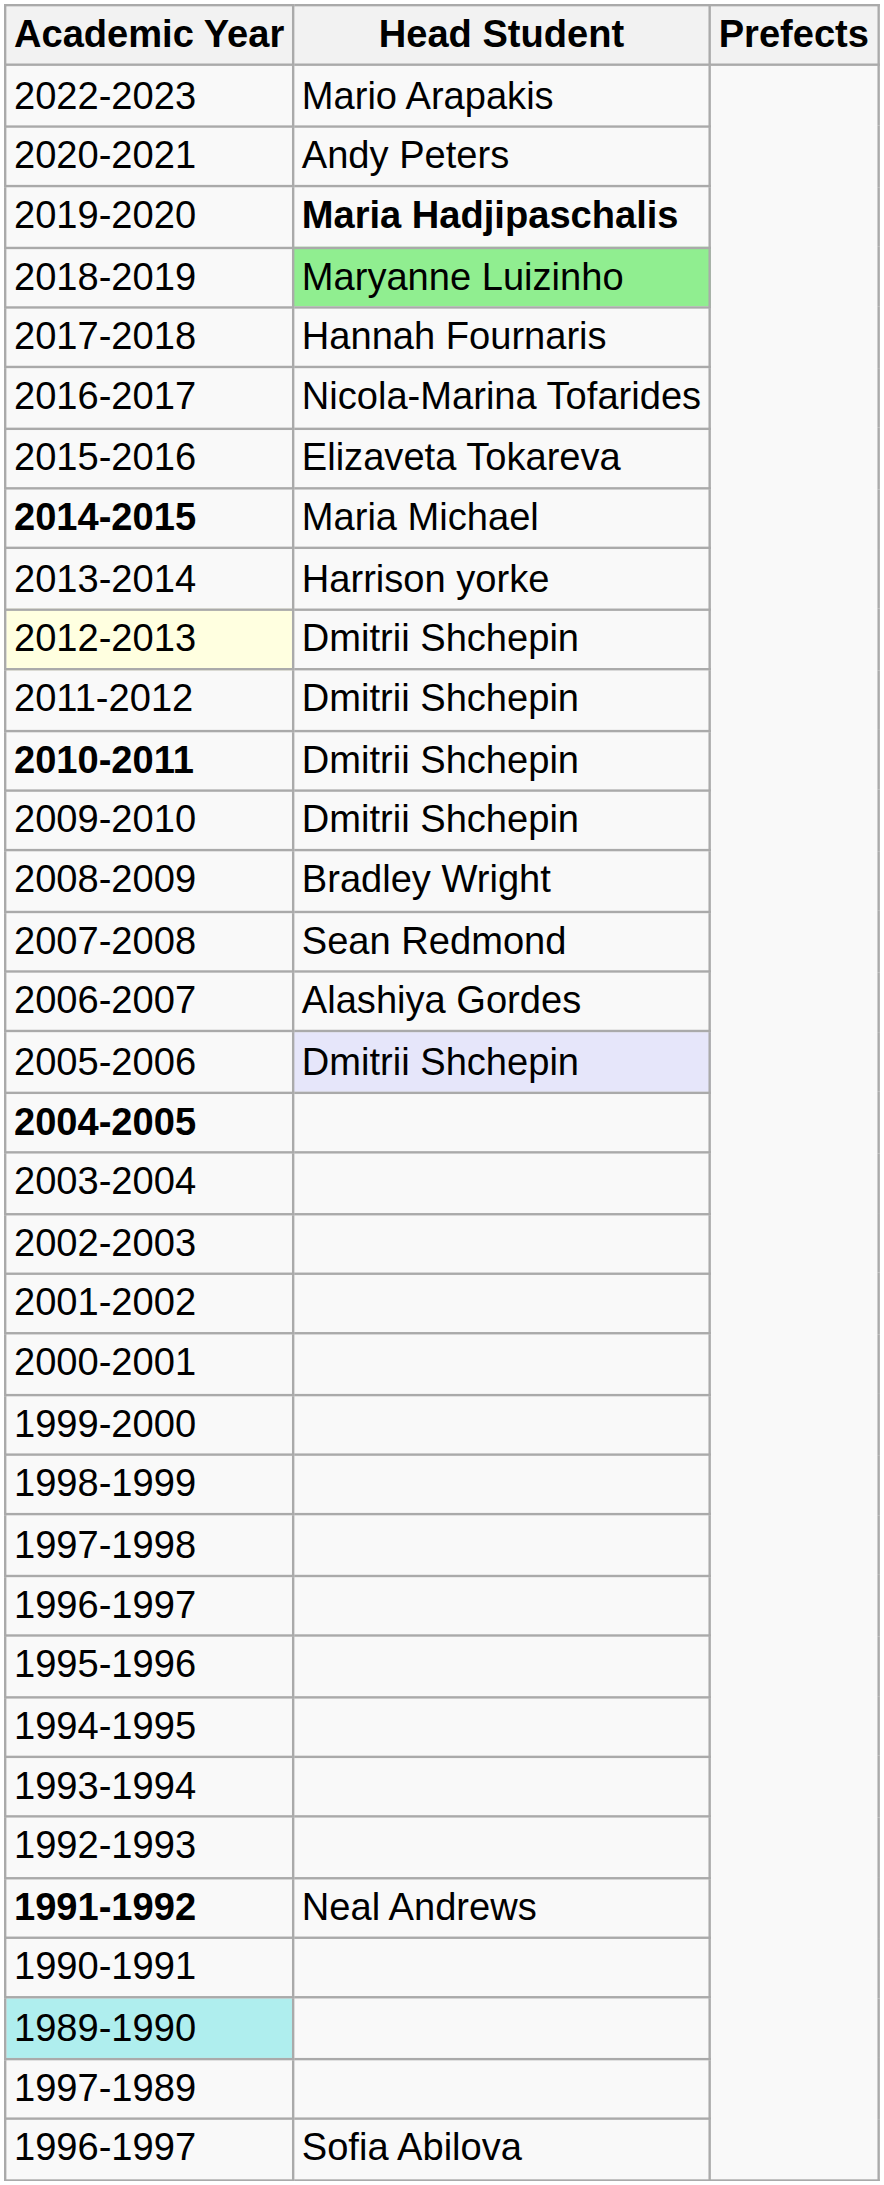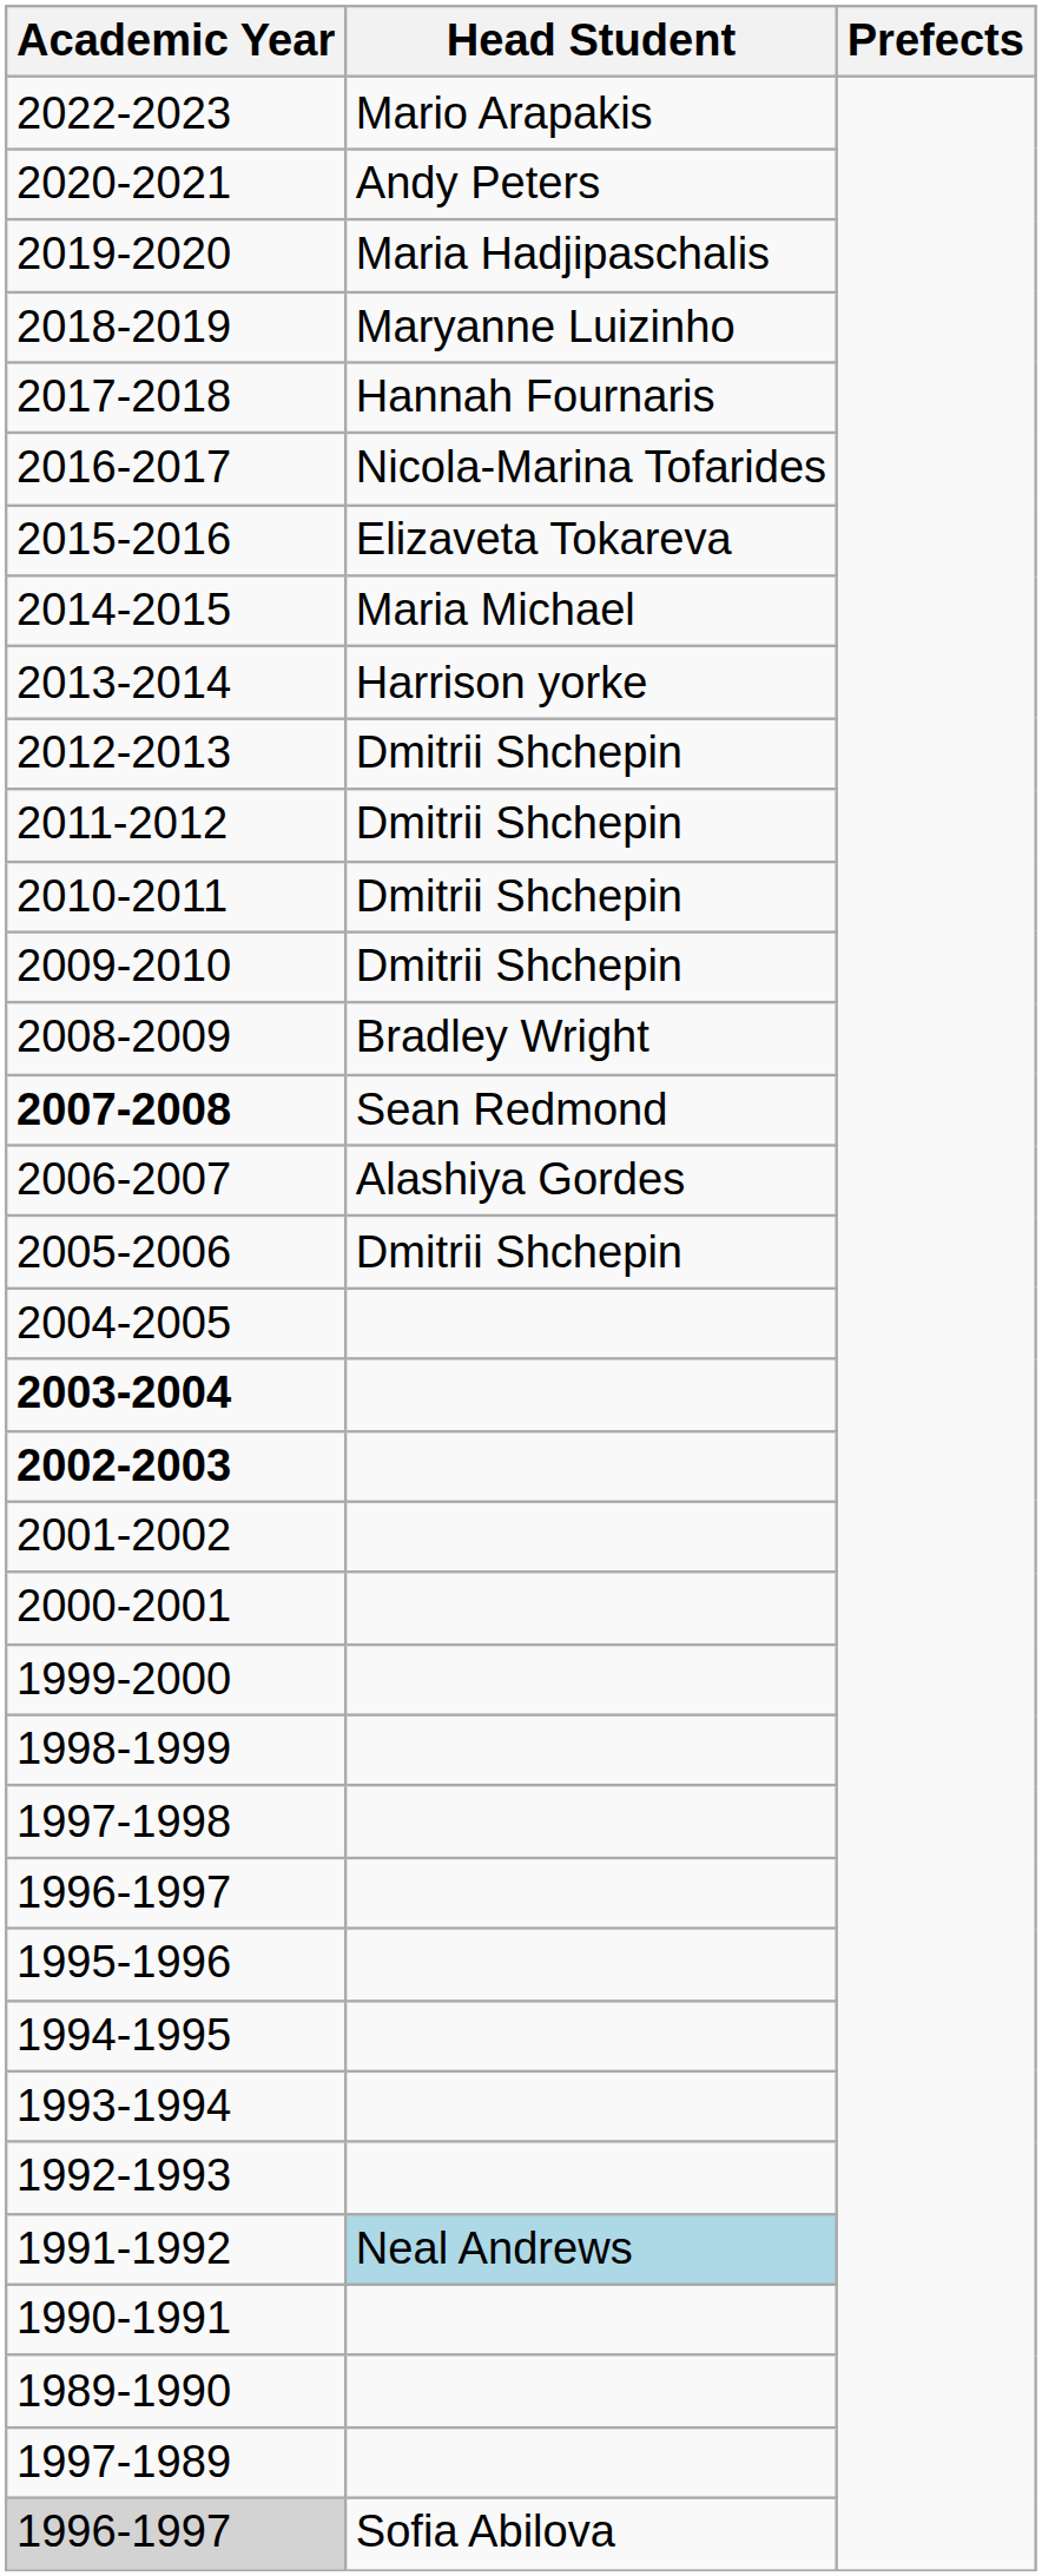 <table class="wikitable">
 <tr>
 <th>Academic Year</th>
 <th>Head Student</th>
 <th>Prefects</th>
 </tr>
 <tr>
 <td>2022-2023</td>
 <td>Mario Arapakis</td>
 </tr>
 <tr>
 <td>2020-2021</td>
 <td>Andy Peters</td>
 </tr>
 <tr>
 <td>2019-2020</td>
-<td><strong>Maria Hadjipaschalis</strong></td>
+<td>Maria Hadjipaschalis</td>
 </tr>
 <tr>
 <td>2018-2019</td>
-<td style="background: lightgreen;">Maryanne Luizinho</td>
+<td>Maryanne Luizinho</td>
 </tr>
 <tr>
 <td>2017-2018</td>
 <td>Hannah Fournaris</td>
 </tr>
 <tr>
 <td>2016-2017</td>
 <td>Nicola-Marina Tofarides</td>
 </tr>
 <tr>
 <td>2015-2016</td>
 <td>Elizaveta Tokareva</td>
 </tr>
 <tr>
-<td><strong>2014-2015</strong></td>
+<td>2014-2015</td>
 <td>Maria Michael</td>
 </tr>
 <tr>
 <td>2013-2014</td>
 <td>Harrison yorke</td>
 </tr>
 <tr>
-<td style="background: lightyellow;">2012-2013</td>
+<td>2012-2013</td>
 <td>Dmitrii Shchepin</td>
 </tr>
 <tr>
 <td>2011-2012</td>
 <td>Dmitrii Shchepin</td>
 </tr>
 <tr>
-<td><strong>2010-2011</strong></td>
+<td>2010-2011</td>
 <td>Dmitrii Shchepin</td>
 </tr>
 <tr>
 <td>2009-2010</td>
 <td>Dmitrii Shchepin</td>
 </tr>
 <tr>
 <td>2008-2009</td>
 <td>Bradley Wright</td>
 </tr>
 <tr>
-<td>2007-2008</td>
+<td><strong>2007-2008</strong></td>
 <td>Sean Redmond</td>
 </tr>
 <tr>
 <td>2006-2007</td>
 <td>Alashiya Gordes</td>
 </tr>
 <tr>
 <td>2005-2006</td>
-<td style="background: lavender;">Dmitrii Shchepin</td>
+<td>Dmitrii Shchepin</td>
 </tr>
 <tr>
-<td><strong>2004-2005</strong></td>
+<td>2004-2005</td>
 <td></td>
 </tr>
 <tr>
-<td>2003-2004</td>
+<td><strong>2003-2004</strong></td>
 <td></td>
 </tr>
 <tr>
-<td>2002-2003</td>
+<td><strong>2002-2003</strong></td>
 <td></td>
 </tr>
 <tr>
 <td>2001-2002</td>
 <td></td>
 </tr>
 <tr>
 <td>2000-2001</td>
 <td></td>
 </tr>
 <tr>
 <td>1999-2000</td>
 <td></td>
 </tr>
 <tr>
 <td>1998-1999</td>
 <td></td>
 </tr>
 <tr>
 <td>1997-1998</td>
 <td></td>
 </tr>
 <tr>
 <td>1996-1997</td>
 <td></td>
 </tr>
 <tr>
 <td>1995-1996</td>
 <td></td>
 </tr>
 <tr>
 <td>1994-1995</td>
 <td></td>
 </tr>
 <tr>
 <td>1993-1994</td>
 <td></td>
 </tr>
 <tr>
 <td>1992-1993</td>
 <td></td>
 </tr>
 <tr>
-<td><strong>1991-1992</strong></td>
-<td>Neal Andrews</td>
+<td>1991-1992</td>
+<td style="background: lightblue;">Neal Andrews</td>
 </tr>
 <tr>
 <td>1990-1991</td>
 <td></td>
 </tr>
 <tr>
-<td style="background: paleturquoise;">1989-1990</td>
+<td>1989-1990</td>
 <td></td>
 </tr>
 <tr>
 <td>1997-1989</td>
 <td></td>
 </tr>
 <tr>
-<td>1996-1997</td>
+<td style="background: lightgrey;">1996-1997</td>
 <td>Sofia Abilova</td>
 </tr>
 </table>
